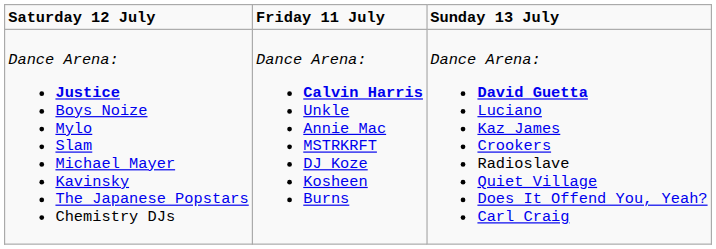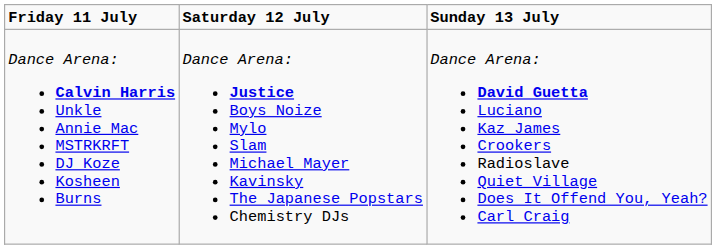 <table class="wikitable">
 <tr>
+<td><strong>Friday 11 July</strong></td>
 <td><strong>Saturday 12 July</strong></td>
-<td><strong>Friday 11 July</strong></td>
 <td><strong>Sunday 13 July</strong></td>
 </tr>
 <tr valign="top">
+<td><br><em>Dance Arena:</em><ul><li><strong><a href='#'>Calvin Harris</a></strong></li><li><a href='#'>Unkle</a></li><li><a href='#'>Annie Mac</a></li><li><a href='#'>MSTRKRFT</a></li><li><a href='#'>DJ Koze</a></li><li><a href='#'>Kosheen</a></li><li><a href='#'>Burns</a></li></ul></td>
 <td><br><em>Dance Arena:</em><ul><li><strong><a href='#'>Justice</a></strong></li><li><a href='#'>Boys Noize</a></li><li><a href='#'>Mylo</a></li><li><a href='#'>Slam</a></li><li><a href='#'>Michael Mayer</a></li><li><a href='#'>Kavinsky</a></li><li><a href='#'>The Japanese Popstars</a></li><li>Chemistry DJs</li></ul></td>
-<td><br><em>Dance Arena:</em><ul><li><strong><a href='#'>Calvin Harris</a></strong></li><li><a href='#'>Unkle</a></li><li><a href='#'>Annie Mac</a></li><li><a href='#'>MSTRKRFT</a></li><li><a href='#'>DJ Koze</a></li><li><a href='#'>Kosheen</a></li><li><a href='#'>Burns</a></li></ul></td>
 <td><br><em>Dance Arena:</em><ul><li><strong><a href='#'>David Guetta</a></strong></li><li><a href='#'>Luciano</a></li><li><a href='#'>Kaz James</a></li><li><a href='#'>Crookers</a></li><li>Radioslave</li><li><a href='#'>Quiet Village</a></li><li><a href='#'>Does It Offend You, Yeah?</a></li><li><a href='#'>Carl Craig</a></li></ul></td>
 </tr>
 </table>
